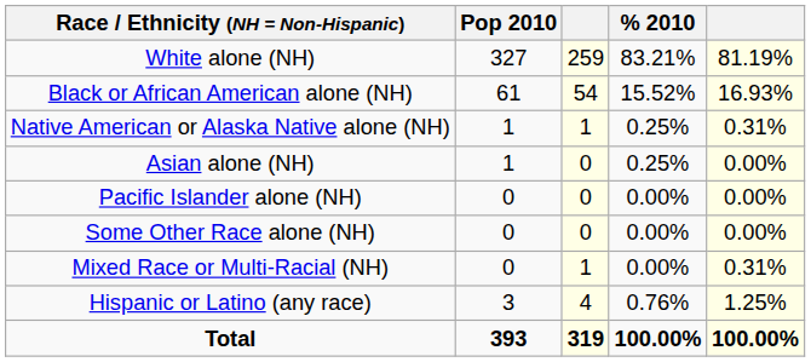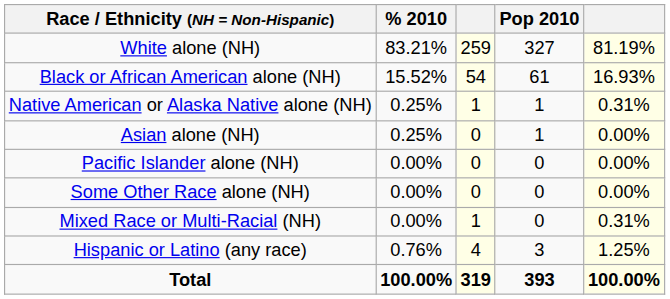 <table class="wikitable" style="text-align:center;">
 <tr>
 <th>Race / Ethnicity <small>(<em>NH = Non-Hispanic</em>)</small></th>
+<th>% 2010</th>
+<th></th>
 <th>Pop 2010</th>
-<th></th>
-<th>% 2010</th>
 <th></th>
 </tr>
 <tr>
 <td><a href='#'>White</a> alone (NH)</td>
+<td>83.21%</td>
+<td style='background: #ffffe6;'>259</td>
 <td>327</td>
-<td style='background: #ffffe6;'>259</td>
-<td>83.21%</td>
 <td style='background: #ffffe6;'>81.19%</td>
 </tr>
 <tr>
 <td><a href='#'>Black or African American</a> alone (NH)</td>
+<td>15.52%</td>
+<td style='background: #ffffe6;'>54</td>
 <td>61</td>
-<td style='background: #ffffe6;'>54</td>
-<td>15.52%</td>
 <td style='background: #ffffe6;'>16.93%</td>
 </tr>
 <tr>
 <td><a href='#'>Native American</a> or <a href='#'>Alaska Native</a> alone (NH)</td>
+<td>0.25%</td>
+<td style='background: #ffffe6;'>1</td>
 <td>1</td>
-<td style='background: #ffffe6;'>1</td>
-<td>0.25%</td>
 <td style='background: #ffffe6;'>0.31%</td>
 </tr>
 <tr>
 <td><a href='#'>Asian</a> alone (NH)</td>
+<td>0.25%</td>
+<td style='background: #ffffe6;'>0</td>
 <td>1</td>
-<td style='background: #ffffe6;'>0</td>
-<td>0.25%</td>
 <td style='background: #ffffe6;'>0.00%</td>
 </tr>
 <tr>
 <td><a href='#'>Pacific Islander</a> alone (NH)</td>
+<td>0.00%</td>
+<td style='background: #ffffe6;'>0</td>
 <td>0</td>
-<td style='background: #ffffe6;'>0</td>
-<td>0.00%</td>
 <td style='background: #ffffe6;'>0.00%</td>
 </tr>
 <tr>
 <td><a href='#'>Some Other Race</a> alone (NH)</td>
+<td>0.00%</td>
+<td style='background: #ffffe6;'>0</td>
 <td>0</td>
-<td style='background: #ffffe6;'>0</td>
-<td>0.00%</td>
 <td style='background: #ffffe6;'>0.00%</td>
 </tr>
 <tr>
 <td><a href='#'>Mixed Race or Multi-Racial</a> (NH)</td>
+<td>0.00%</td>
+<td style='background: #ffffe6;'>1</td>
 <td>0</td>
-<td style='background: #ffffe6;'>1</td>
-<td>0.00%</td>
 <td style='background: #ffffe6;'>0.31%</td>
 </tr>
 <tr>
 <td><a href='#'>Hispanic or Latino</a> (any race)</td>
+<td>0.76%</td>
+<td style='background: #ffffe6;'>4</td>
 <td>3</td>
-<td style='background: #ffffe6;'>4</td>
-<td>0.76%</td>
 <td style='background: #ffffe6;'>1.25%</td>
 </tr>
 <tr>
 <td><strong>Total</strong></td>
+<td><strong>100.00%</strong></td>
+<td style='background: #ffffe6;'><strong>319</strong></td>
 <td><strong>393</strong></td>
-<td style='background: #ffffe6;'><strong>319</strong></td>
-<td><strong>100.00%</strong></td>
 <td style='background: #ffffe6;'><strong>100.00%</strong></td>
 </tr>
 </table>
